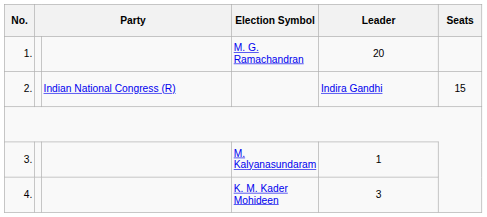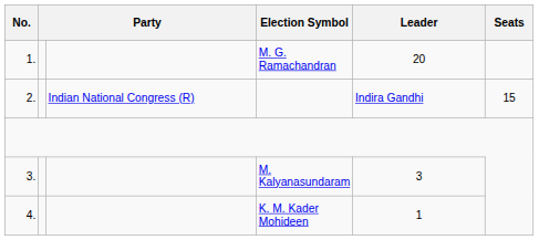 <table class="wikitable">
 <tr style="height: 50px;">
 <th scope="col" style="width:40px;">No.<br></th>
 <th scope="col" style="width:300px;" colspan="2">Party</th>
 <th scope="col" style="width:80px;">Election Symbol</th>
 <th scope="col" style="width:180px;">Leader</th>
 <th scope="col" style="width:60px;">Seats</th>
 </tr>
 <tr style="height: 55px;">
 <td style="text-align:right;">1.</td>
 <td></td>
 <td style="text-align:center;"></td>
 <td><a href='#'>M. G. Ramachandran</a></td>
 <td style="text-align:center;">20</td>
 </tr>
 <tr style="height: 55px;">
 <td style="text-align:right;">2.</td>
 <td></td>
 <td><a href='#'>Indian National Congress (R)</a></td>
 <td style="text-align:center;"></td>
 <td><a href='#'>Indira Gandhi</a></td>
 <td style="text-align:center;">15</td>
 </tr>
 <tr style="height: 55px;">
 </tr>
 <tr style="height: 55px;">
 <td style="text-align:right;">3.</td>
 <td></td>
 <td style="text-align:center;"></td>
 <td><a href='#'>M. Kalyanasundaram</a></td>
-<td style="text-align:center;">1</td>
+<td style="text-align:center;">3</td>
 </tr>
 <tr style="height: 55px;">
 <td style="text-align:right;">4.</td>
 <td></td>
 <td></td>
 <td><a href='#'>K. M. Kader Mohideen</a></td>
-<td style="text-align:center;">3</td>
+<td style="text-align:center;">1</td>
 </tr>
 </table>
